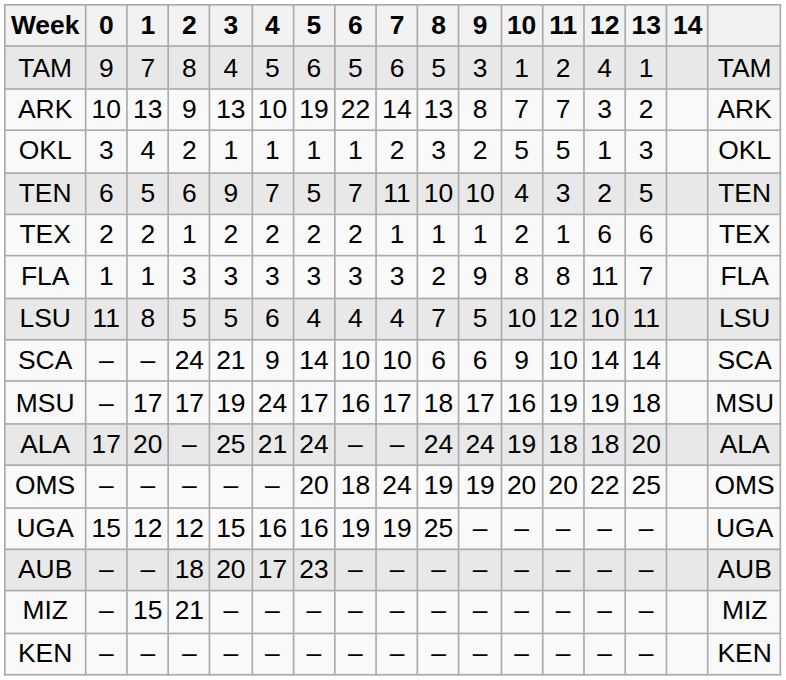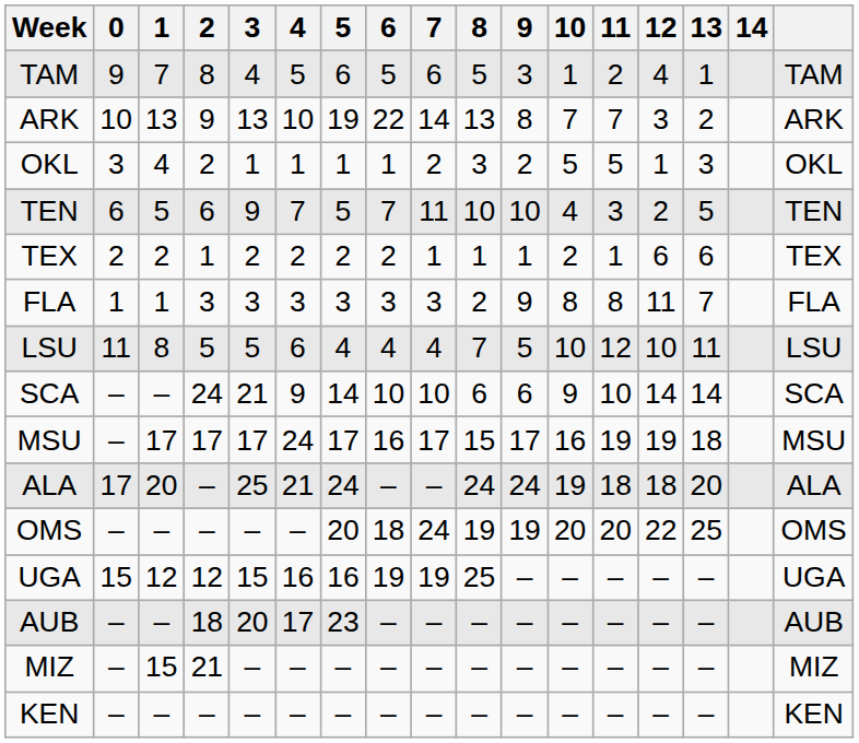 <table class="wikitable sortable" style="text-align:center">
 <tr>
 <th>Week</th>
 <th>0</th>
 <th>1</th>
 <th>2</th>
 <th>3</th>
 <th>4</th>
 <th>5</th>
 <th>6</th>
 <th>7</th>
 <th>8</th>
 <th>9</th>
 <th>10</th>
 <th>11</th>
 <th>12</th>
 <th>13</th>
 <th>14</th>
 <th class=unsortable></th>
 </tr>
 <tr style="background-color:#E8E8E8">
 <td data-sort-value=TEX2>TAM</td>
 <td>9</td>
 <td>7</td>
 <td>8</td>
 <td>4</td>
 <td>5</td>
 <td>6</td>
 <td>5</td>
 <td>6</td>
 <td>5</td>
 <td>3</td>
 <td>1</td>
 <td>2</td>
 <td>4</td>
 <td>1</td>
 <td></td>
 <td>TAM</td>
 </tr>
 <tr>
 <td>ARK</td>
 <td>10</td>
 <td>13</td>
 <td>9</td>
 <td>13</td>
 <td>10</td>
 <td>19</td>
 <td>22</td>
 <td>14</td>
 <td>13</td>
 <td>8</td>
 <td>7</td>
 <td>7</td>
 <td>3</td>
 <td>2</td>
 <td></td>
 <td>ARK</td>
 </tr>
 <tr>
 <td>OKL</td>
 <td>3</td>
 <td>4</td>
 <td>2</td>
 <td>1</td>
 <td>1</td>
 <td>1</td>
 <td>1</td>
 <td>2</td>
 <td>3</td>
 <td>2</td>
 <td>5</td>
 <td>5</td>
 <td>1</td>
 <td>3</td>
 <td></td>
 <td>OKL</td>
 </tr>
 <tr style="background-color:#E8E8E8">
 <td>TEN</td>
 <td>6</td>
 <td>5</td>
 <td>6</td>
 <td>9</td>
 <td>7</td>
 <td>5</td>
 <td>7</td>
 <td>11</td>
 <td>10</td>
 <td>10</td>
 <td>4</td>
 <td>3</td>
 <td>2</td>
 <td>5</td>
 <td></td>
 <td>TEN</td>
 </tr>
 <tr>
 <td data-sort-value=TEX1>TEX</td>
 <td>2</td>
 <td>2</td>
 <td>1</td>
 <td>2</td>
 <td>2</td>
 <td>2</td>
 <td>2</td>
 <td>1</td>
 <td>1</td>
 <td>1</td>
 <td>2</td>
 <td>1</td>
 <td>6</td>
 <td>6</td>
 <td></td>
 <td>TEX</td>
 </tr>
 <tr>
 <td>FLA</td>
 <td>1</td>
 <td>1</td>
 <td>3</td>
 <td>3</td>
 <td>3</td>
 <td>3</td>
 <td>3</td>
 <td>3</td>
 <td>2</td>
 <td>9</td>
 <td>8</td>
 <td>8</td>
 <td>11</td>
 <td>7</td>
 <td></td>
 <td>FLA</td>
 </tr>
 <tr style="background-color:#E8E8E8">
 <td>LSU</td>
 <td>11</td>
 <td>8</td>
 <td>5</td>
 <td>5</td>
 <td>6</td>
 <td>4</td>
 <td>4</td>
 <td>4</td>
 <td>7</td>
 <td>5</td>
 <td>10</td>
 <td>12</td>
 <td>10</td>
 <td>11</td>
 <td></td>
 <td>LSU</td>
 </tr>
 <tr>
 <td>SCA</td>
 <td data-sort-value=26>–</td>
 <td data-sort-value=26>–</td>
 <td>24</td>
 <td>21</td>
 <td>9</td>
 <td>14</td>
 <td>10</td>
 <td>10</td>
 <td>6</td>
 <td>6</td>
 <td>9</td>
 <td>10</td>
 <td>14</td>
 <td>14</td>
 <td></td>
 <td>SCA</td>
 </tr>
 <tr>
 <td>MSU</td>
 <td data-sort-value=28>–</td>
 <td>17</td>
 <td>17</td>
-<td>19</td>
+<td>17</td>
 <td>24</td>
 <td>17</td>
 <td>16</td>
 <td>17</td>
-<td>18</td>
+<td>15</td>
 <td>17</td>
 <td>16</td>
 <td>19</td>
 <td>19</td>
 <td>18</td>
 <td></td>
 <td>MSU</td>
 </tr>
 <tr style="background-color:#E8E8E8">
 <td>ALA</td>
 <td>17</td>
 <td>20</td>
 <td data-sort-value=27>–</td>
 <td>25</td>
 <td>21</td>
 <td>24</td>
 <td data-sort-value=27>–</td>
 <td data-sort-value=27>–</td>
 <td>24</td>
 <td>24</td>
 <td>19</td>
 <td>18</td>
 <td>18</td>
 <td>20</td>
 <td></td>
 <td>ALA</td>
 </tr>
 <tr>
 <td>OMS</td>
 <td data-sort-value=29>–</td>
 <td data-sort-value=29>–</td>
 <td data-sort-value=29>–</td>
 <td data-sort-value=29>–</td>
 <td data-sort-value=29>–</td>
 <td>20</td>
 <td>18</td>
 <td>24</td>
 <td>19</td>
 <td>19</td>
 <td>20</td>
 <td>20</td>
 <td>22</td>
 <td>25</td>
 <td></td>
 <td>OMS</td>
 </tr>
 <tr>
 <td data-sort-value=G>UGA</td>
 <td>15</td>
 <td>12</td>
 <td>12</td>
 <td>15</td>
 <td>16</td>
 <td>16</td>
 <td>19</td>
 <td>19</td>
 <td>25</td>
 <td data-sort-value=30>–</td>
 <td data-sort-value=30>–</td>
 <td data-sort-value=30>–</td>
 <td data-sort-value=30>–</td>
 <td data-sort-value=30>–</td>
 <td></td>
 <td>UGA</td>
 </tr>
 <tr style="background-color:#E8E8E8">
 <td>AUB</td>
 <td data-sort-value=31>–</td>
 <td data-sort-value=31>–</td>
 <td>18</td>
 <td>20</td>
 <td>17</td>
 <td>23</td>
 <td data-sort-value=31>–</td>
 <td data-sort-value=31>–</td>
 <td data-sort-value=31>–</td>
 <td data-sort-value=31>–</td>
 <td data-sort-value=31>–</td>
 <td data-sort-value=31>–</td>
 <td data-sort-value=31>–</td>
 <td data-sort-value=31>–</td>
 <td></td>
 <td>AUB</td>
 </tr>
 <tr>
 <td data-sort-value=MO>MIZ</td>
 <td data-sort-value=32>–</td>
 <td>15</td>
 <td>21</td>
 <td data-sort-value=32>–</td>
 <td data-sort-value=32>–</td>
 <td data-sort-value=32>–</td>
 <td data-sort-value=32>–</td>
 <td data-sort-value=32>–</td>
 <td data-sort-value=32>–</td>
 <td data-sort-value=32>–</td>
 <td data-sort-value=32>–</td>
 <td data-sort-value=32>–</td>
 <td data-sort-value=32>–</td>
 <td data-sort-value=32>–</td>
 <td></td>
 <td>MIZ</td>
 </tr>
 <tr>
 <td>KEN</td>
 <td data-sort-value=33>–</td>
 <td data-sort-value=33>–</td>
 <td data-sort-value=33>–</td>
 <td data-sort-value=33>–</td>
 <td data-sort-value=33>–</td>
 <td data-sort-value=33>–</td>
 <td data-sort-value=33>–</td>
 <td data-sort-value=33>–</td>
 <td data-sort-value=33>–</td>
 <td data-sort-value=33>–</td>
 <td data-sort-value=33>–</td>
 <td data-sort-value=33>–</td>
 <td data-sort-value=33>–</td>
 <td data-sort-value=33>–</td>
 <td></td>
 <td>KEN</td>
 </tr>
 </table>
